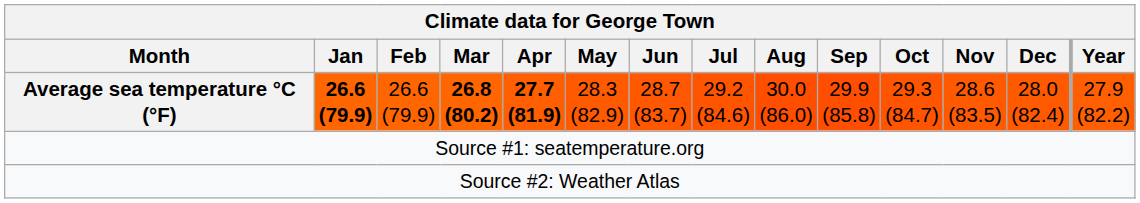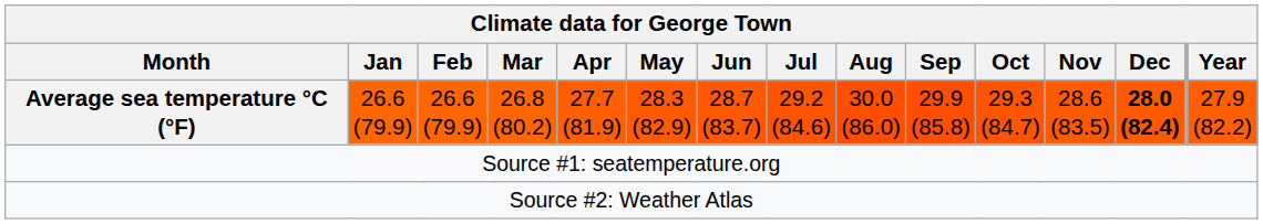 <table style="width:100%;text-align:center;line-height:1.2em;margin-left:auto;margin-right:auto" class="wikitable mw-collapsible">
 <tr>
 <th Colspan=14>Climate data for George Town</th>
 </tr>
 <tr>
 <th>Month</th>
 <th>Jan</th>
 <th>Feb</th>
 <th>Mar</th>
 <th>Apr</th>
 <th>May</th>
 <th>Jun</th>
 <th>Jul</th>
 <th>Aug</th>
 <th>Sep</th>
 <th>Oct</th>
 <th>Nov</th>
 <th>Dec</th>
 <th style="border-left-width:medium">Year</th>
 </tr>
 <tr>
 <th>Average sea temperature °C (°F)</th>
-<td style="background:#ff6600;color:#000000;"><strong>26.6<br>(79.9)</strong></td>
 <td style="background:#ff6600;color:#000000;">26.6<br>(79.9)</td>
-<td style="background:#ff6600;color:#000000;"><strong>26.8<br>(80.2)</strong></td>
-<td style="background:#ff5f00;color:#000000;"><strong>27.7<br>(81.9)</strong></td>
+<td style="background:#ff6600;color:#000000;">26.6<br>(79.9)</td>
+<td style="background:#ff6600;color:#000000;">26.8<br>(80.2)</td>
+<td style="background:#ff5f00;color:#000000;">27.7<br>(81.9)</td>
 <td style="background:#ff5a00;color:#000000;">28.3<br>(82.9)</td>
 <td style="background:#ff5800;color:#000000;">28.7<br>(83.7)</td>
 <td style="background:#ff5400;color:#000000;">29.2<br>(84.6)</td>
 <td style="background:#ff4e00;color:#000000;">30.0<br>(86.0)</td>
 <td style="background:#ff4e00;color:#000000;">29.9<br>(85.8)</td>
 <td style="background:#ff5400;color:#000000;">29.3<br>(84.7)</td>
 <td style="background:#ff5a00;color:#000000;">28.6<br>(83.5)</td>
-<td style="background:#ff5a00;color:#000000;">28.0<br>(82.4)</td>
+<td style="background:#ff5a00;color:#000000;"><strong>28.0<br>(82.4)</strong></td>
 <td style="background:#ff5f00;color:#000000;border-left-width:medium">27.9<br>(82.2)</td>
 </tr>
 <tr>
 <th Colspan=14 style="background:#f8f9fa;font-weight:normal;font-size:95%;">Source #1: seatemperature.org</th>
 </tr>
 <tr>
 <th Colspan=14 style="background:#f8f9fa;font-weight:normal;font-size:95%;">Source #2: Weather Atlas</th>
 </tr>
 </table>
